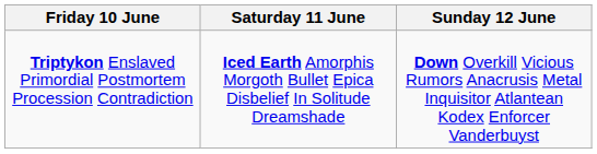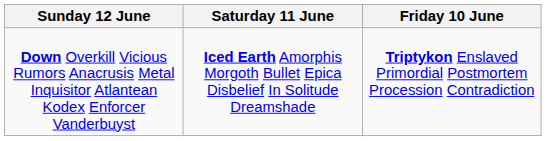 <table class="wikitable">
 <tr>
+<th>Sunday 12 June</th>
+<th>Saturday 11 June</th>
 <th>Friday 10 June</th>
-<th>Saturday 11 June</th>
-<th>Sunday 12 June</th>
 </tr>
 <tr>
+<td valign="top" align="center" width=185><br><strong><a href='#'>Down</a></strong> <a href='#'>Overkill</a> <a href='#'>Vicious Rumors</a> <a href='#'>Anacrusis</a> <a href='#'>Metal Inquisitor</a> <a href='#'>Atlantean Kodex</a> <a href='#'>Enforcer</a> <a href='#'>Vanderbuyst</a></td>
+<td valign="top" align="center" width=185><br><strong><a href='#'>Iced Earth</a></strong> <a href='#'>Amorphis</a> <a href='#'>Morgoth</a> <a href='#'>Bullet</a> <a href='#'>Epica</a> <a href='#'>Disbelief</a> <a href='#'>In Solitude</a> <a href='#'>Dreamshade</a></td>
 <td valign="top" align="center" width=185><br><strong><a href='#'>Triptykon</a></strong> <a href='#'>Enslaved</a> <a href='#'>Primordial</a> <a href='#'>Postmortem</a> <a href='#'>Procession</a> <a href='#'>Contradiction</a></td>
-<td valign="top" align="center" width=185><br><strong><a href='#'>Iced Earth</a></strong> <a href='#'>Amorphis</a> <a href='#'>Morgoth</a> <a href='#'>Bullet</a> <a href='#'>Epica</a> <a href='#'>Disbelief</a> <a href='#'>In Solitude</a> <a href='#'>Dreamshade</a></td>
-<td valign="top" align="center" width=185><br><strong><a href='#'>Down</a></strong> <a href='#'>Overkill</a> <a href='#'>Vicious Rumors</a> <a href='#'>Anacrusis</a> <a href='#'>Metal Inquisitor</a> <a href='#'>Atlantean Kodex</a> <a href='#'>Enforcer</a> <a href='#'>Vanderbuyst</a></td>
 </tr>
 </table>
